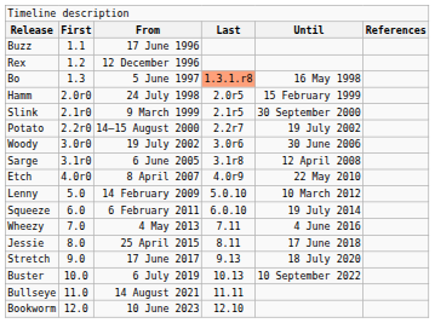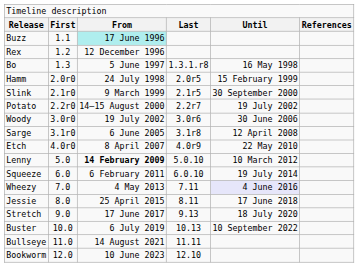 <table class="collapsed collapsible wikitable sortable">
 <tr>
 <td colspan="7">Timeline description</td>
 </tr>
 <tr>
 <th>Release</th>
 <th>First</th>
 <th>From</th>
 <th>Last</th>
 <th>Until</th>
 <th>References</th>
 </tr>
 <tr>
 <td>Buzz</td>
 <td style="text-align: center;">1.1</td>
-<td style="text-align: right;">17 June 1996</td>
+<td style="background: paleturquoise; text-align: right;">17 June 1996</td>
 <td></td>
 <td></td>
 <td></td>
 </tr>
 <tr>
 <td>Rex</td>
 <td style="text-align: center;">1.2</td>
 <td style="text-align: right;">12 December 1996</td>
 <td></td>
 <td></td>
 <td></td>
 </tr>
 <tr>
 <td>Bo</td>
 <td style="text-align: center;">1.3</td>
 <td style="text-align: right;">5 June 1997</td>
-<td style="background: lightsalmon; text-align: center;">1.3.1.r8</td>
+<td style="text-align: center;">1.3.1.r8</td>
 <td style="text-align: right;">16 May 1998</td>
 <td></td>
 </tr>
 <tr>
 <td>Hamm</td>
 <td style="text-align: center;">2.0r0</td>
 <td style="text-align: right;">24 July 1998</td>
 <td style="text-align: center;">2.0r5</td>
 <td style="text-align: right;">15 February 1999</td>
 <td></td>
 </tr>
 <tr>
 <td>Slink</td>
 <td style="text-align: center;">2.1r0</td>
 <td style="text-align: right;">9 March 1999</td>
 <td style="text-align: center;">2.1r5</td>
 <td style="text-align: right;">30 September 2000</td>
 <td></td>
 </tr>
 <tr>
 <td>Potato</td>
 <td style="text-align: center;">2.2r0</td>
 <td style="text-align: right;">14–15 August 2000</td>
 <td style="text-align: center;">2.2r7</td>
 <td style="text-align: right;">19 July 2002</td>
 <td></td>
 </tr>
 <tr>
 <td>Woody</td>
 <td style="text-align: center;">3.0r0</td>
 <td style="text-align: right;">19 July 2002</td>
 <td style="text-align: center;">3.0r6</td>
 <td style="text-align: right;">30 June 2006</td>
 <td></td>
 </tr>
 <tr>
 <td>Sarge</td>
 <td style="text-align: center;">3.1r0</td>
 <td style="text-align: right;">6 June 2005</td>
 <td style="text-align: center;">3.1r8</td>
 <td style="text-align: right;">12 April 2008</td>
 <td></td>
 </tr>
 <tr>
 <td>Etch</td>
 <td style="text-align: center;">4.0r0</td>
 <td style="text-align: right;">8 April 2007</td>
 <td style="text-align: center;">4.0r9</td>
 <td style="text-align: right;">22 May 2010</td>
 <td></td>
 </tr>
 <tr>
 <td>Lenny</td>
 <td style="text-align: center;">5.0</td>
-<td style="text-align: right;">14 February 2009</td>
+<td style="text-align: right;"><strong>14 February 2009</strong></td>
 <td style="text-align: center;">5.0.10</td>
 <td style="text-align: right;">10 March 2012</td>
 <td></td>
 </tr>
 <tr>
 <td>Squeeze</td>
 <td style="text-align: center;">6.0</td>
 <td style="text-align: right;">6 February 2011</td>
 <td style="text-align: center;">6.0.10</td>
 <td style="text-align: right;">19 July 2014</td>
 <td></td>
 </tr>
 <tr>
 <td>Wheezy</td>
 <td style="text-align: center;">7.0</td>
 <td style="text-align: right;">4 May 2013</td>
 <td style="text-align: center;">7.11</td>
-<td style="text-align: right;">4 June 2016</td>
+<td style="background: lavender; text-align: right;">4 June 2016</td>
 <td style="text-align: left;"></td>
 </tr>
 <tr>
 <td>Jessie</td>
 <td style="text-align: center;">8.0</td>
 <td style="text-align: right;">25 April 2015</td>
 <td style="text-align: center;">8.11</td>
 <td style="text-align: right;">17 June 2018</td>
 <td style="text-align: left;"></td>
 </tr>
 <tr>
 <td>Stretch</td>
 <td style="text-align: center;">9.0</td>
 <td style="text-align: right;">17 June 2017</td>
 <td style="text-align: center;">9.13</td>
 <td style="text-align: right;">18 July 2020</td>
 <td style="text-align: left;"></td>
 </tr>
 <tr>
 <td>Buster</td>
 <td style="text-align: center;">10.0</td>
 <td style="text-align: right;">6 July 2019</td>
 <td style="text-align: center;">10.13</td>
 <td style="text-align: right;">10 September 2022</td>
 <td style="text-align: left;"></td>
 </tr>
 <tr>
 <td>Bullseye</td>
 <td style="text-align: center;">11.0</td>
 <td style="text-align: right;">14 August 2021</td>
 <td style="text-align: center;">11.11</td>
 <td></td>
 <td style="text-align: left;"></td>
 </tr>
 <tr>
 <td>Bookworm</td>
 <td style="text-align: center;">12.0</td>
 <td style="text-align: right;">10 June 2023</td>
 <td style="text-align: center;">12.10</td>
 <td></td>
 <td style="text-align: left;"></td>
 </tr>
 </table>
